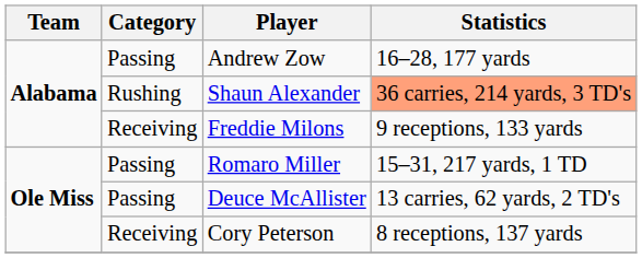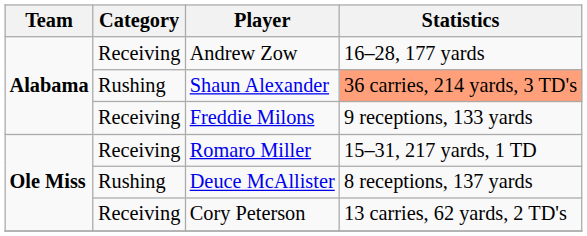 <table class="wikitable" style="float: right;">
 <tr>
 <th>Team</th>
 <th>Category</th>
 <th>Player</th>
 <th>Statistics</th>
 </tr>
 <tr>
 <td rowspan=3><strong>Alabama</strong></td>
-<td>Passing</td>
+<td>Receiving</td>
 <td>Andrew Zow</td>
 <td>16–28, 177 yards</td>
 </tr>
 <tr>
 <td>Rushing</td>
 <td><a href='#'>Shaun Alexander</a></td>
 <td style="background: lightsalmon;">36 carries, 214 yards,  3 TD's</td>
 </tr>
 <tr>
 <td>Receiving</td>
 <td><a href='#'>Freddie Milons</a></td>
 <td>9 receptions, 133 yards</td>
 </tr>
 <tr>
 <td rowspan=3><strong>Ole Miss</strong></td>
-<td>Passing</td>
+<td>Receiving</td>
 <td><a href='#'>Romaro Miller</a></td>
 <td>15–31, 217 yards, 1 TD</td>
 </tr>
 <tr>
-<td>Passing</td>
+<td>Rushing</td>
 <td><a href='#'>Deuce McAllister</a></td>
-<td>13 carries, 62 yards, 2 TD's</td>
+<td>8 receptions, 137 yards</td>
 </tr>
 <tr>
 <td>Receiving</td>
 <td>Cory Peterson</td>
-<td>8 receptions, 137 yards</td>
+<td>13 carries, 62 yards, 2 TD's</td>
 </tr>
 <tr>
 </tr>
 </table>
